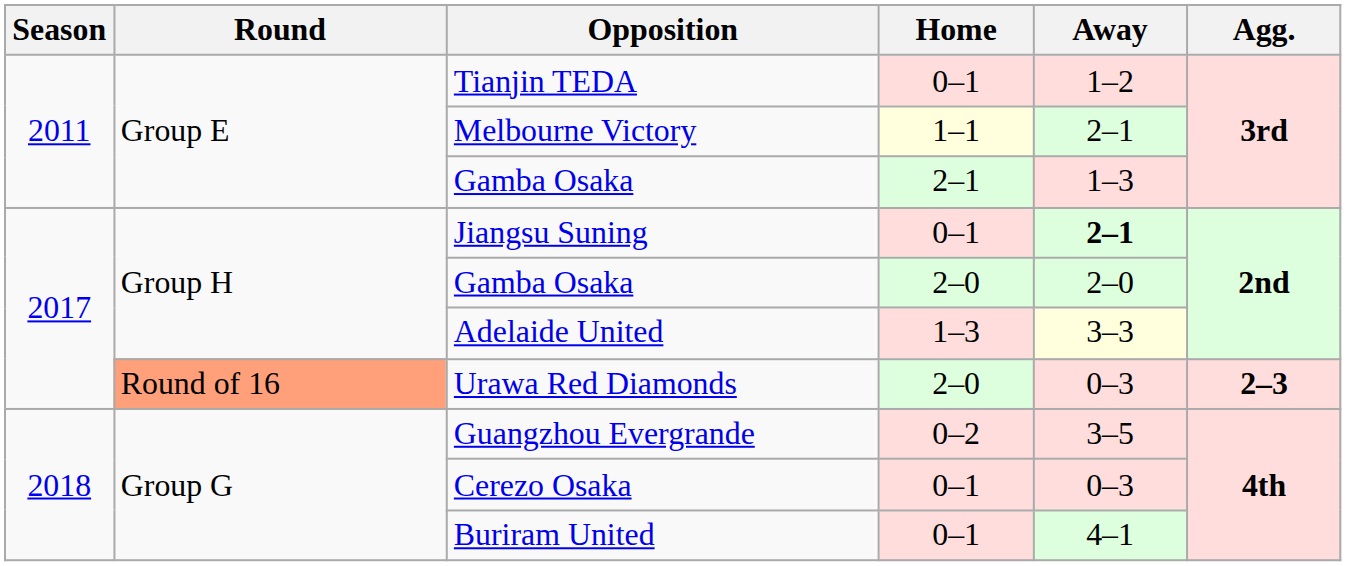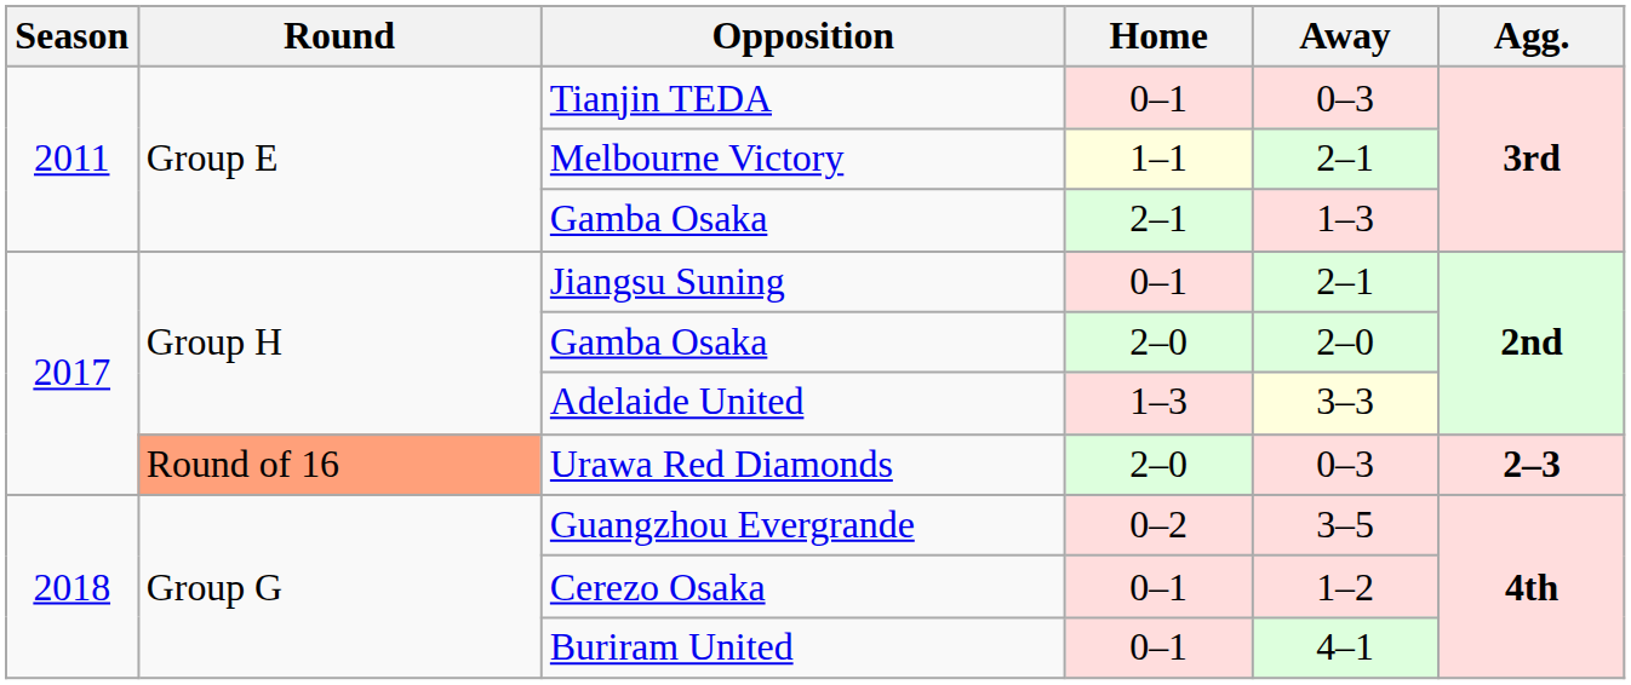 <table class="wikitable" style="text-align:left">
 <tr>
 <th>Season</th>
 <th width="160">Round</th>
 <th width="210">Opposition</th>
 <th width="70">Home</th>
 <th width="70">Away</th>
 <th width="70">Agg.</th>
 </tr>
 <tr>
 <td rowspan="3" style="text-align:center;"><a href='#'>2011</a></td>
 <td rowspan="3">Group E</td>
 <td> <a href='#'>Tianjin TEDA</a></td>
 <td style="text-align:center; background:#FFDDDD;">0–1</td>
-<td style="text-align:center; background:#FFDDDD;">1–2</td>
+<td style="text-align:center; background:#FFDDDD;">0–3</td>
 <td rowspan="3" style="text-align:center; background:#FFDDDD;"><strong>3rd</strong></td>
 </tr>
 <tr>
 <td> <a href='#'>Melbourne Victory</a></td>
 <td style="text-align:center; background:#FFFFDD;">1–1</td>
 <td style="text-align:center; background:#DDFFDD;">2–1</td>
 </tr>
 <tr>
 <td> <a href='#'>Gamba Osaka</a></td>
 <td style="text-align:center; background:#DDFFDD;">2–1</td>
 <td style="text-align:center; background:#FFDDDD;">1–3</td>
 </tr>
 <tr>
 <td rowspan="4" style="text-align:center;"><a href='#'>2017</a></td>
 <td rowspan="3">Group H</td>
 <td> <a href='#'>Jiangsu Suning</a></td>
 <td style="text-align:center; background:#FFDDDD;">0–1</td>
-<td style="text-align:center; background:#DDFFDD;"><strong>2–1</strong></td>
+<td style="text-align:center; background:#DDFFDD;">2–1</td>
 <td rowspan="3" style="text-align:center; background:#DDFFDD;"><strong>2nd</strong></td>
 </tr>
 <tr>
 <td> <a href='#'>Gamba Osaka</a></td>
 <td style="text-align:center; background:#DDFFDD;">2–0</td>
 <td style="text-align:center; background:#DDFFDD;">2–0</td>
 </tr>
 <tr>
 <td> <a href='#'>Adelaide United</a></td>
 <td style="text-align:center; background:#FFDDDD;">1–3</td>
 <td style="text-align:center; background:#FFFFDD;">3–3</td>
 </tr>
 <tr>
 <td style="background: lightsalmon;">Round of 16</td>
 <td> <a href='#'>Urawa Red Diamonds</a></td>
 <td style="text-align:center; background:#DDFFDD;">2–0</td>
 <td style="text-align:center; background:#FFDDDD;">0–3 </td>
 <td style="text-align:center; background:#FFDDDD;"><strong>2–3</strong></td>
 </tr>
 <tr>
 <td rowspan="3" style="text-align:center;"><a href='#'>2018</a></td>
 <td rowspan="3">Group G</td>
 <td> <a href='#'>Guangzhou Evergrande</a></td>
 <td style="text-align:center; background:#FFDDDD;">0–2</td>
 <td style="text-align:center; background:#FFDDDD;">3–5</td>
 <td rowspan="3" style="text-align:center; background:#FFDDDD;"><strong>4th</strong></td>
 </tr>
 <tr>
 <td> <a href='#'>Cerezo Osaka</a></td>
 <td style="text-align:center; background:#FFDDDD;">0–1</td>
-<td style="text-align:center; background:#FFDDDD;">0–3</td>
+<td style="text-align:center; background:#FFDDDD;">1–2</td>
 </tr>
 <tr>
 <td> <a href='#'>Buriram United</a></td>
 <td style="text-align:center; background:#FFDDDD;">0–1</td>
 <td style="text-align:center; background:#DDFFDD;">4–1</td>
 </tr>
 </table>
